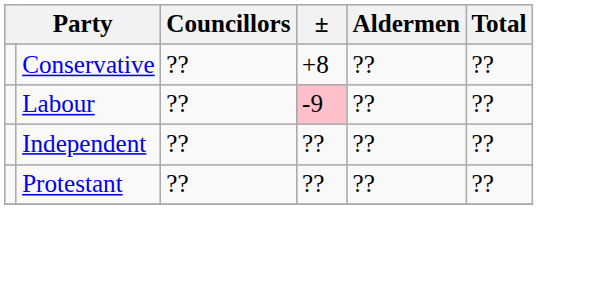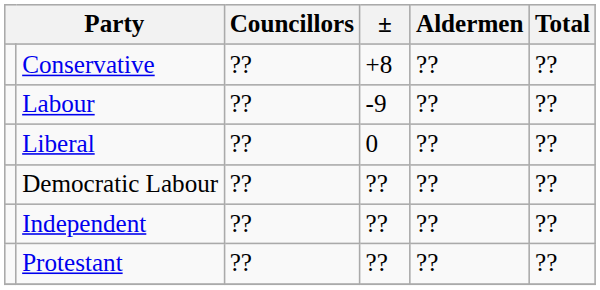 <table class="wikitable">
 <tr>
 <th colspan="2">Party</th>
 <th>Councillors</th>
 <th>  ±  </th>
 <th>Aldermen</th>
 <th>Total</th>
 </tr>
 <tr>
 <td style="background-color: "></td>
 <td><a href='#'>Conservative</a></td>
 <td>??</td>
 <td>+8</td>
 <td>??</td>
 <td>??</td>
 </tr>
 <tr>
 <td style="background-color: "></td>
 <td><a href='#'>Labour</a></td>
 <td>??</td>
-<td style="background: pink;">-9</td>
+<td>-9</td>
+<td>??</td>
+<td>??</td>
+</tr>
+<tr>
+<td style="background-color: "></td>
+<td><a href='#'>Liberal</a></td>
+<td>??</td>
+<td>0</td>
+<td>??</td>
+<td>??</td>
+</tr>
+<tr>
+<td style="background-color: "></td>
+<td>Democratic Labour</td>
+<td>??</td>
+<td>??</td>
 <td>??</td>
 <td>??</td>
 </tr>
 <tr>
 <td style="background-color: "></td>
 <td><a href='#'>Independent</a></td>
 <td>??</td>
 <td>??</td>
 <td>??</td>
 <td>??</td>
 </tr>
 <tr>
 <td style="background-color: "></td>
 <td><a href='#'>Protestant</a></td>
 <td>??</td>
 <td>??</td>
 <td>??</td>
 <td>??</td>
 </tr>
 <tr>
 </tr>
 </table>
